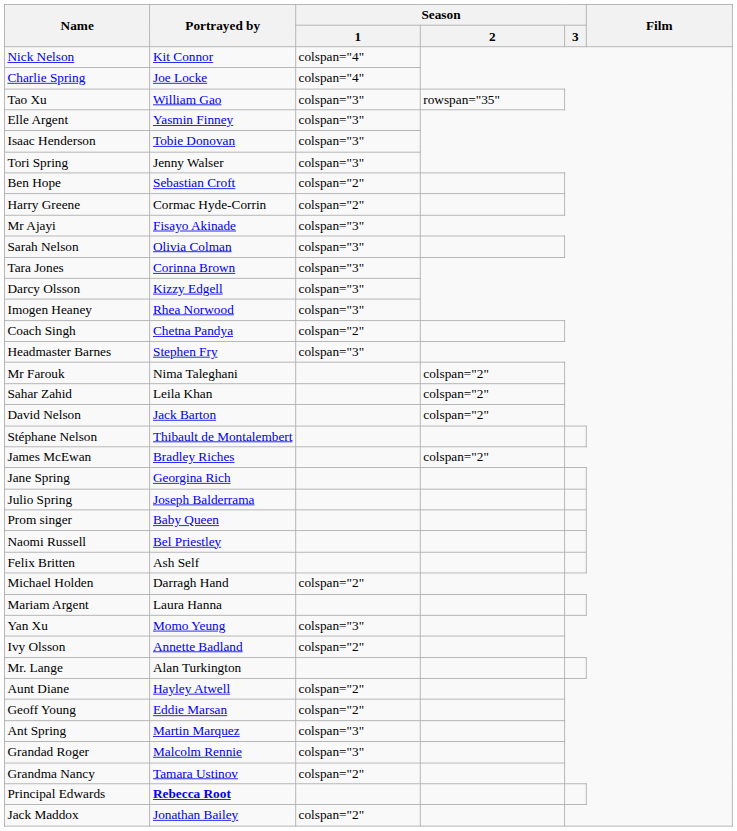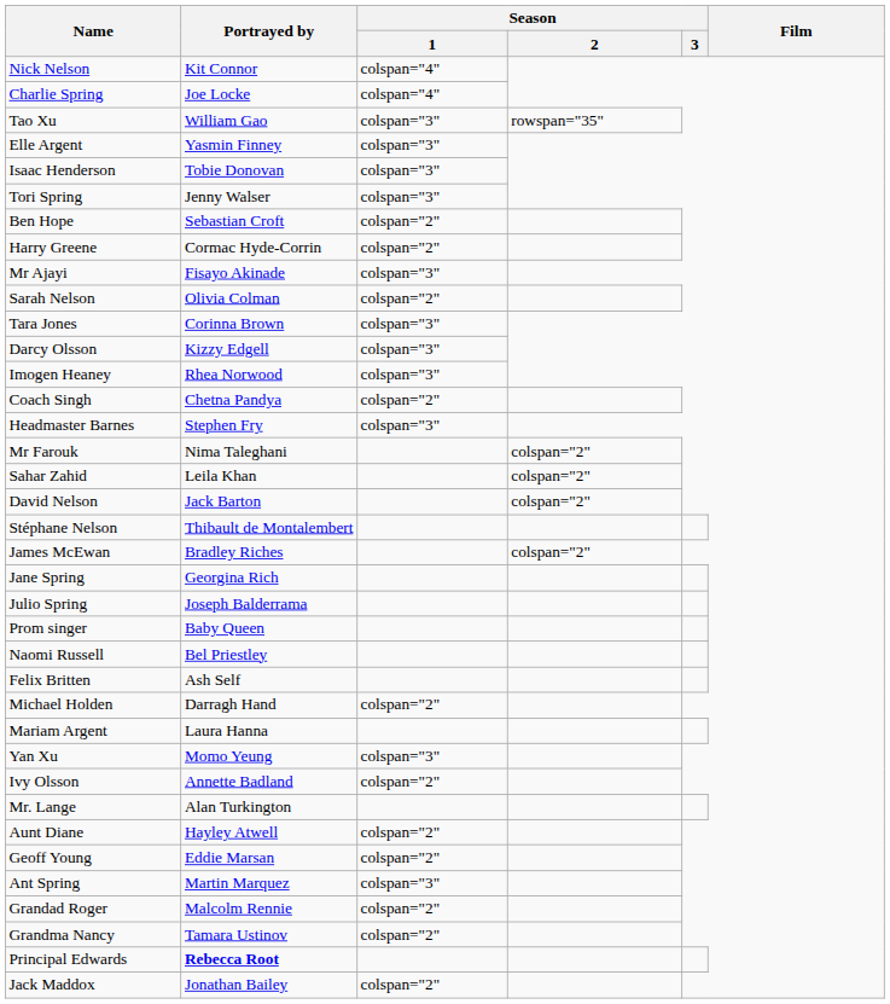 <table class="wikitable plainrowheaders">
 <tr>
 <th scope="col" style="width:20%;" rowspan="2">Name</th>
 <th scope="col" style="width:20%;" rowspan="2">Portrayed by</th>
 <th scope="col" style="width:40%;" colspan="3">Season</th>
 <th scope="col" style="width:20%;" rowspan="2">Film</th>
 </tr>
 <tr>
 <th scope="col">1</th>
 <th scope="col">2</th>
 <th scope="col">3</th>
 </tr>
 <tr>
 <td scope="row"><a href='#'>Nick Nelson</a></td>
 <td><a href='#'>Kit Connor</a></td>
 <td>colspan="4" </td>
 </tr>
 <tr>
 <td scope="row"><a href='#'>Charlie Spring</a></td>
 <td><a href='#'>Joe Locke</a></td>
 <td>colspan="4" </td>
 </tr>
 <tr>
 <td scope="row">Tao Xu</td>
 <td><a href='#'>William Gao</a></td>
 <td>colspan="3" </td>
 <td>rowspan="35" </td>
 </tr>
 <tr>
 <td scope="row">Elle Argent</td>
 <td><a href='#'>Yasmin Finney</a></td>
 <td>colspan="3" </td>
 </tr>
 <tr>
 <td scope="row">Isaac Henderson</td>
 <td><a href='#'>Tobie Donovan</a></td>
 <td>colspan="3" </td>
 </tr>
 <tr>
 <td scope="row">Tori Spring</td>
 <td>Jenny Walser</td>
 <td>colspan="3" </td>
 </tr>
 <tr>
 <td scope="row">Ben Hope</td>
 <td><a href='#'>Sebastian Croft</a></td>
 <td>colspan="2" </td>
 <td></td>
 </tr>
 <tr>
 <td scope="row">Harry Greene</td>
 <td>Cormac Hyde-Corrin</td>
 <td>colspan="2" </td>
 <td></td>
 </tr>
 <tr>
 <td scope="row">Mr Ajayi</td>
 <td><a href='#'>Fisayo Akinade</a></td>
 <td>colspan="3" </td>
 </tr>
 <tr>
 <td scope="row">Sarah Nelson</td>
 <td><a href='#'>Olivia Colman</a></td>
-<td>colspan="3" </td>
+<td>colspan="2" </td>
 <td></td>
 </tr>
 <tr>
 <td scope="row">Tara Jones</td>
 <td><a href='#'>Corinna Brown</a></td>
 <td>colspan="3" </td>
 </tr>
 <tr>
 <td scope="row">Darcy Olsson</td>
 <td><a href='#'>Kizzy Edgell</a></td>
 <td>colspan="3" </td>
 </tr>
 <tr>
 <td scope="row">Imogen Heaney</td>
 <td><a href='#'>Rhea Norwood</a></td>
 <td>colspan="3" </td>
 </tr>
 <tr>
 <td scope="row">Coach Singh</td>
 <td><a href='#'>Chetna Pandya</a></td>
 <td>colspan="2" </td>
 <td></td>
 </tr>
 <tr>
 <td scope="row">Headmaster Barnes</td>
 <td><a href='#'>Stephen Fry</a></td>
 <td>colspan="3" </td>
 </tr>
 <tr>
 <td scope="row">Mr Farouk</td>
 <td>Nima Taleghani</td>
 <td></td>
 <td>colspan="2" </td>
 </tr>
 <tr>
 <td scope="row">Sahar Zahid</td>
 <td>Leila Khan</td>
 <td></td>
 <td>colspan="2" </td>
 </tr>
 <tr>
 <td scope="row">David Nelson</td>
 <td><a href='#'>Jack Barton</a></td>
 <td></td>
 <td>colspan="2" </td>
 </tr>
 <tr>
 <td scope="row">Stéphane Nelson</td>
 <td><a href='#'>Thibault de Montalembert</a></td>
 <td></td>
 <td></td>
 <td></td>
 </tr>
 <tr>
 <td scope="row">James McEwan</td>
 <td><a href='#'>Bradley Riches</a></td>
 <td></td>
 <td>colspan="2" </td>
 </tr>
 <tr>
 <td scope="row">Jane Spring</td>
 <td><a href='#'>Georgina Rich</a></td>
 <td></td>
 <td></td>
 <td></td>
 </tr>
 <tr>
 <td scope="row">Julio Spring</td>
 <td><a href='#'>Joseph Balderrama</a></td>
 <td></td>
 <td></td>
 <td></td>
 </tr>
 <tr>
 <td scope="row">Prom singer</td>
 <td><a href='#'>Baby Queen</a></td>
 <td></td>
 <td></td>
 <td></td>
 </tr>
 <tr>
 <td scope="row">Naomi Russell</td>
 <td><a href='#'>Bel Priestley</a></td>
 <td></td>
 <td></td>
 <td></td>
 </tr>
 <tr>
 <td scope="row">Felix Britten</td>
 <td>Ash Self</td>
 <td></td>
 <td></td>
 <td></td>
 </tr>
 <tr>
 <td scope="row">Michael Holden</td>
 <td>Darragh Hand</td>
 <td>colspan="2" </td>
 <td></td>
 </tr>
 <tr>
 <td scope="row">Mariam Argent</td>
 <td>Laura Hanna</td>
 <td></td>
 <td></td>
 <td></td>
 </tr>
 <tr>
 <td scope="row">Yan Xu</td>
 <td><a href='#'>Momo Yeung</a></td>
 <td>colspan="3" </td>
 <td></td>
 </tr>
 <tr>
 <td scope="row">Ivy Olsson</td>
 <td><a href='#'>Annette Badland</a></td>
 <td>colspan="2" </td>
 <td></td>
 </tr>
 <tr>
 <td scope="row">Mr. Lange</td>
 <td>Alan Turkington</td>
 <td></td>
 <td></td>
 <td></td>
 </tr>
 <tr>
 <td scope="row">Aunt Diane</td>
 <td><a href='#'>Hayley Atwell</a></td>
 <td>colspan="2" </td>
 <td></td>
 </tr>
 <tr>
 <td scope="row">Geoff Young</td>
 <td><a href='#'>Eddie Marsan</a></td>
 <td>colspan="2" </td>
 <td></td>
 </tr>
 <tr>
 <td scope="row">Ant Spring</td>
 <td><a href='#'>Martin Marquez</a></td>
 <td>colspan="3" </td>
 <td></td>
 </tr>
 <tr>
 <td scope="row">Grandad Roger</td>
 <td><a href='#'>Malcolm Rennie</a></td>
-<td>colspan="3" </td>
+<td>colspan="2" </td>
 <td></td>
 </tr>
 <tr>
 <td scope="row">Grandma Nancy</td>
 <td><a href='#'>Tamara Ustinov</a></td>
 <td>colspan="2" </td>
 <td></td>
 </tr>
 <tr>
 <td scope="row">Principal Edwards</td>
 <td><strong><a href='#'>Rebecca Root</a></strong></td>
 <td></td>
 <td></td>
 <td></td>
 </tr>
 <tr>
 <td scope="row">Jack Maddox</td>
 <td><a href='#'>Jonathan Bailey</a></td>
 <td>colspan="2" </td>
 <td></td>
 </tr>
 </table>
